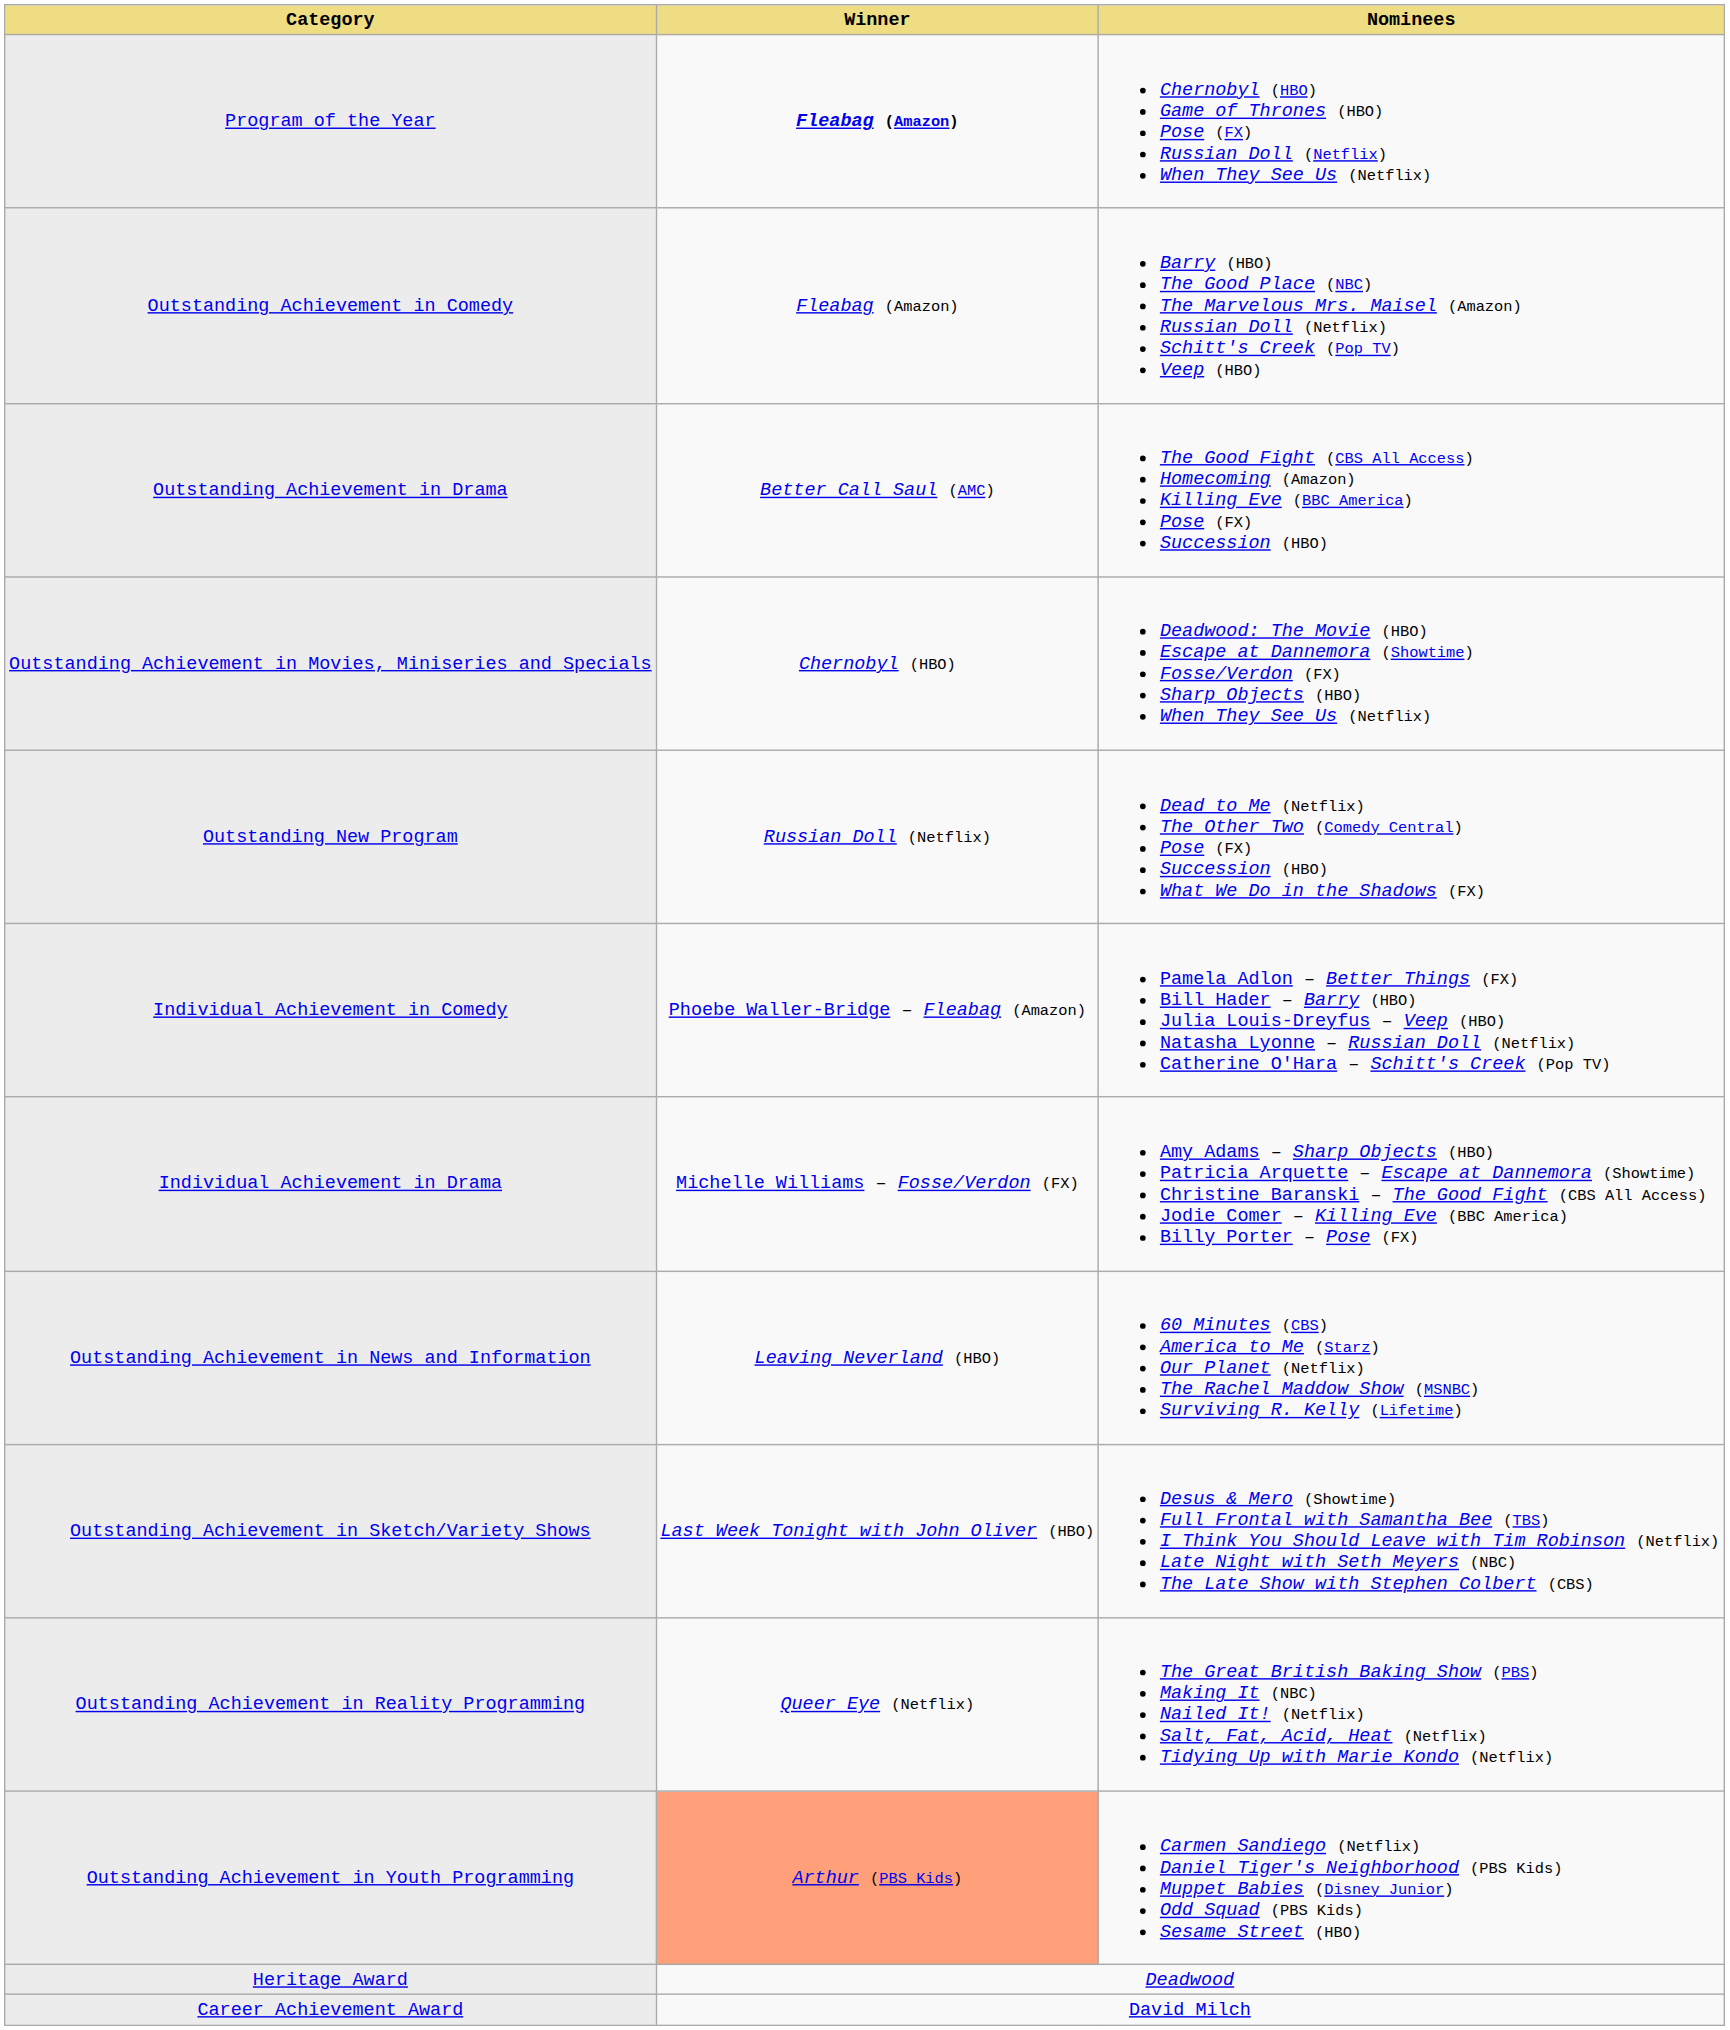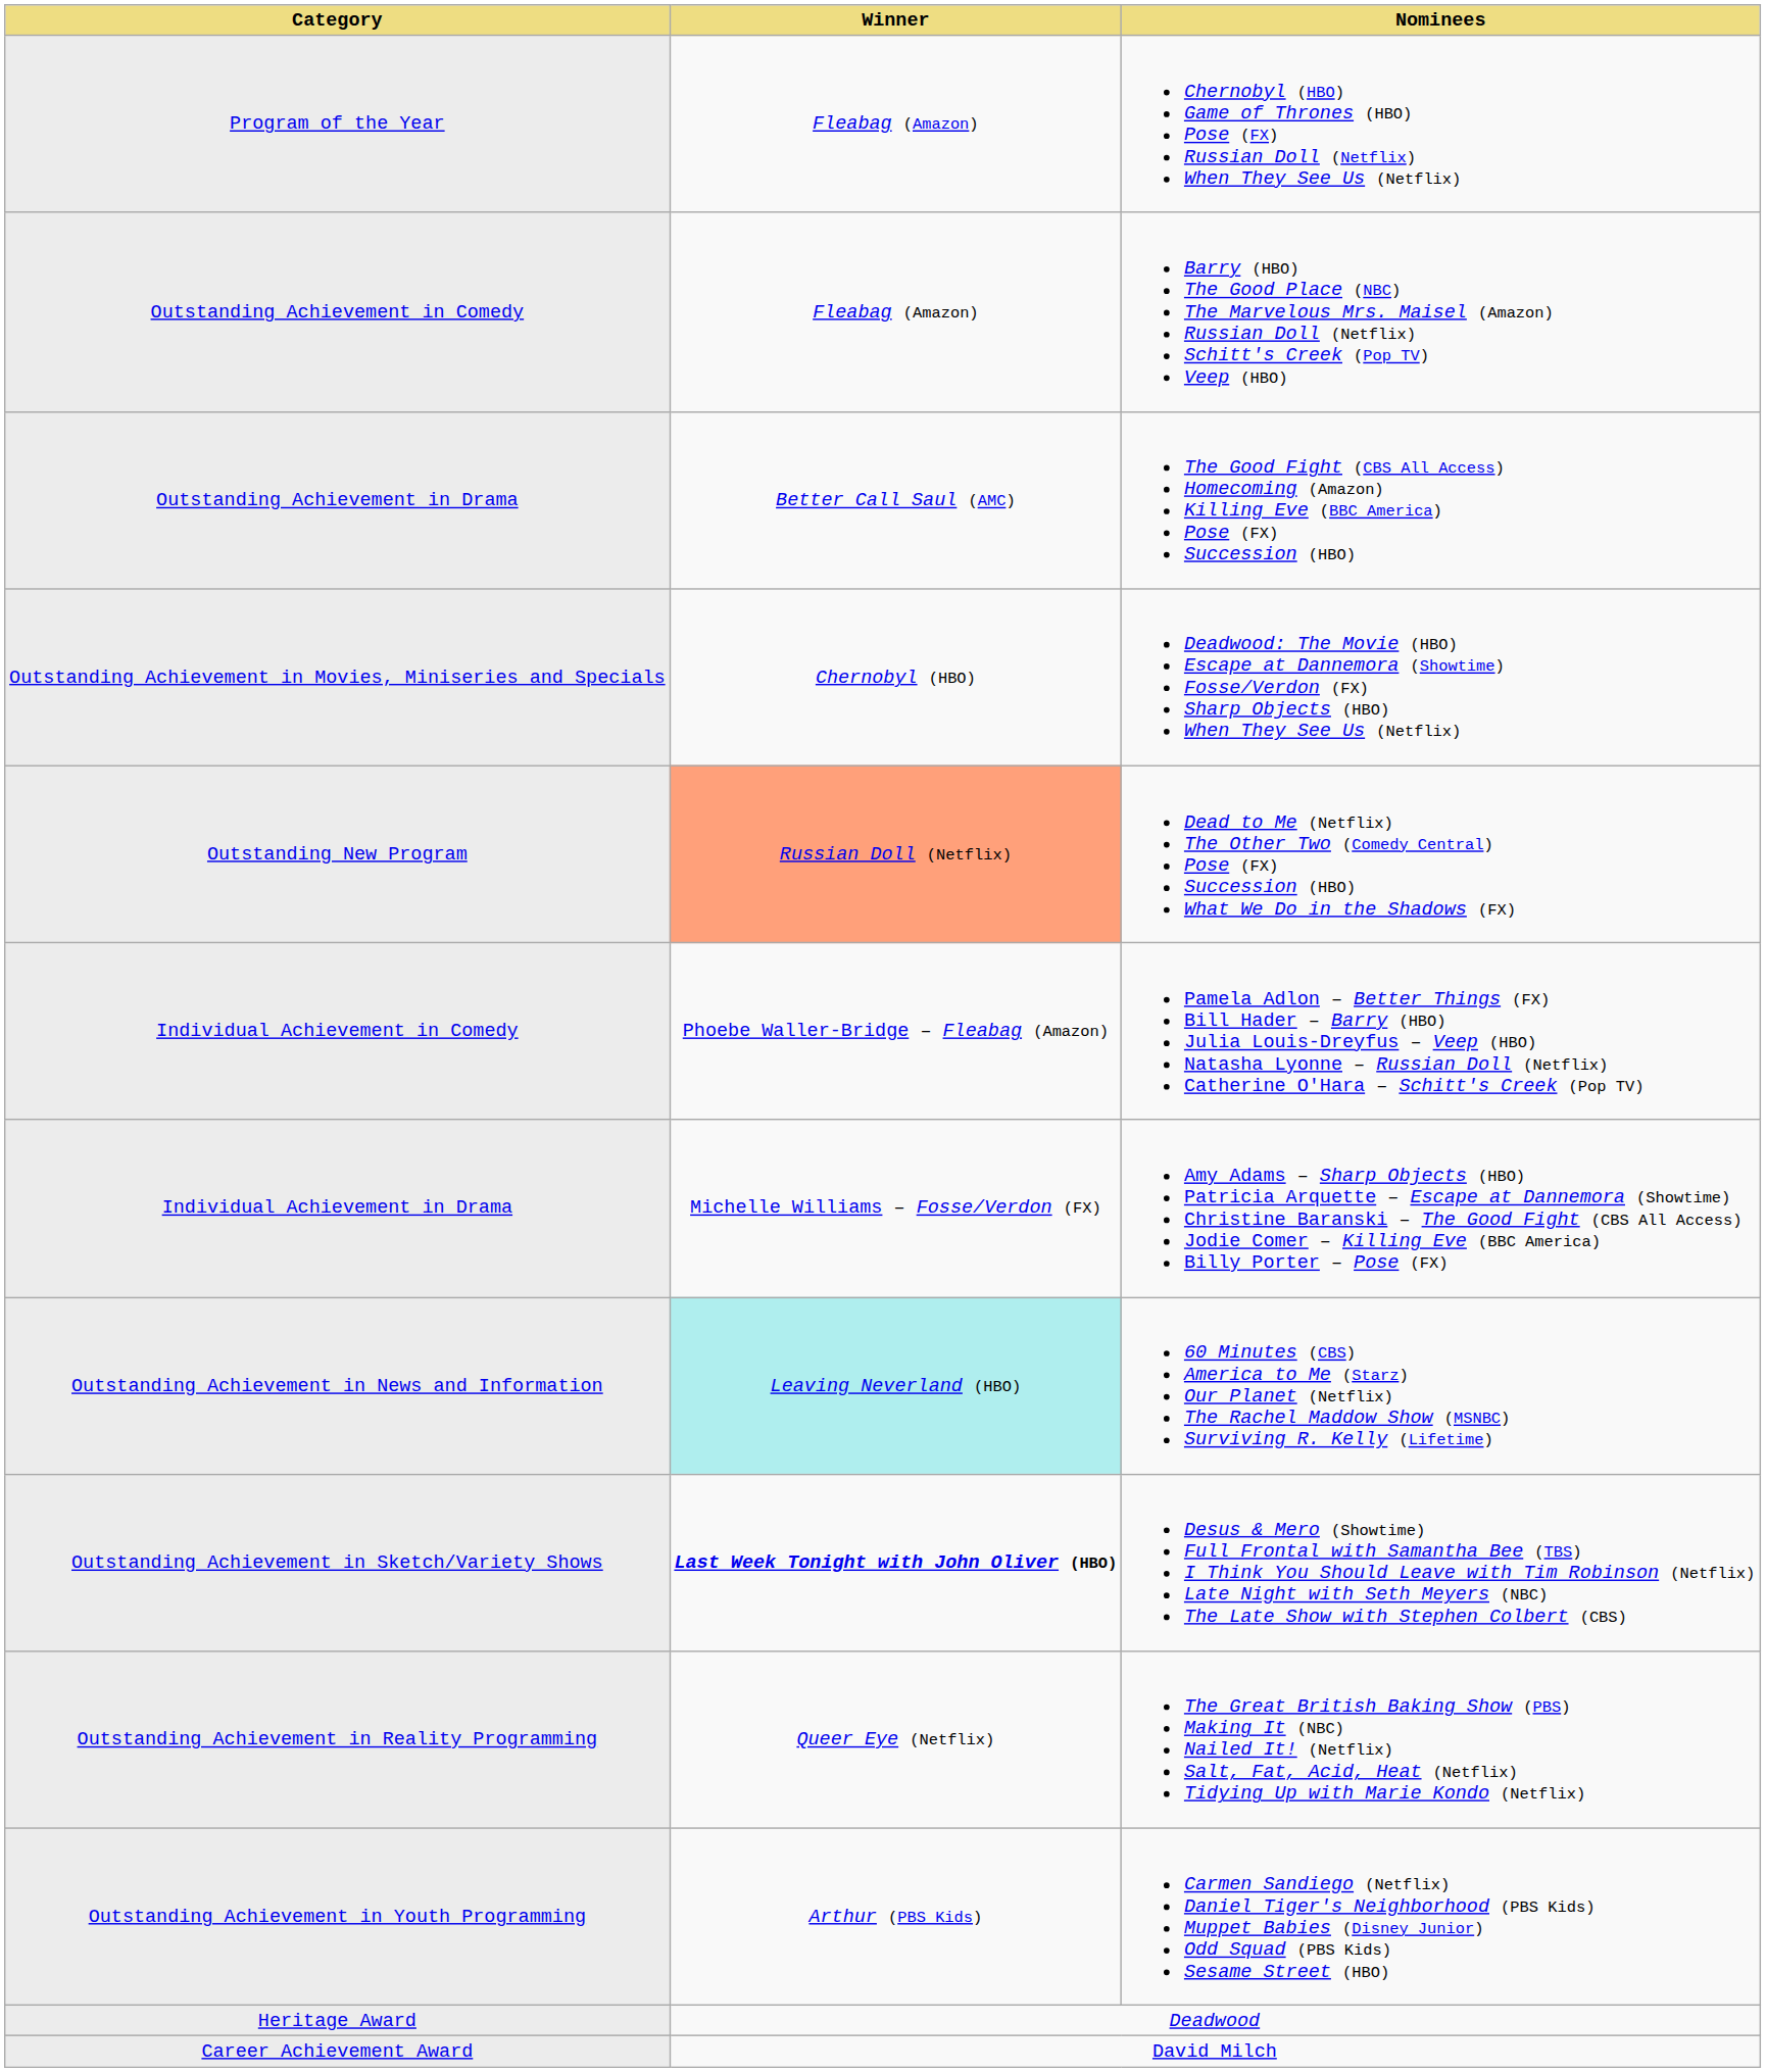 <table class="wikitable">
 <tr>
 <th style="background:#EEDD82;">Category</th>
 <th style="background:#EEDD82;">Winner</th>
 <th style="background:#EEDD82;">Nominees</th>
 </tr>
 <tr>
 <td style="background: #ececec; color: grey; vertical-align: middle; text-align: center;" class="table-na"><a href='#'>Program of the Year</a></td>
-<td style="text-align: center;"><strong><em><a href='#'>Fleabag</a></em> <small>(<a href='#'>Amazon</a>)</small></strong></td>
+<td style="text-align: center;"><em><a href='#'>Fleabag</a></em> <small>(<a href='#'>Amazon</a>)</small></td>
 <td><br><ul><li><em><a href='#'>Chernobyl</a></em> <small>(<a href='#'>HBO</a>)</small></li><li><em><a href='#'>Game of Thrones</a></em> <small>(HBO)</small></li><li><em><a href='#'>Pose</a></em> <small>(<a href='#'>FX</a>)</small></li><li><em><a href='#'>Russian Doll</a></em> <small>(<a href='#'>Netflix</a>)</small></li><li><em><a href='#'>When They See Us</a></em> <small>(Netflix)</small></li></ul></td>
 </tr>
 <tr>
 <td style="background: #ececec; color: grey; vertical-align: middle; text-align: center;" class="table-na"><a href='#'>Outstanding Achievement in Comedy</a></td>
 <td style="text-align: center;"><em><a href='#'>Fleabag</a></em> <small>(Amazon)</small></td>
 <td><br><ul><li><em><a href='#'>Barry</a></em> <small>(HBO)</small></li><li><em><a href='#'>The Good Place</a></em> <small>(<a href='#'>NBC</a>)</small></li><li><em><a href='#'>The Marvelous Mrs. Maisel</a></em> <small>(Amazon)</small></li><li><em><a href='#'>Russian Doll</a></em> <small>(Netflix)</small></li><li><em><a href='#'>Schitt's Creek</a></em> <small>(<a href='#'>Pop TV</a>)</small></li><li><em><a href='#'>Veep</a></em> <small>(HBO)</small></li></ul></td>
 </tr>
 <tr>
 <td style="background: #ececec; color: grey; vertical-align: middle; text-align: center;" class="table-na"><a href='#'>Outstanding Achievement in Drama</a></td>
 <td style="text-align: center;"><em><a href='#'>Better Call Saul</a></em> <small>(<a href='#'>AMC</a>)</small></td>
 <td><br><ul><li><em><a href='#'>The Good Fight</a></em> <small>(<a href='#'>CBS All Access</a>)</small></li><li><em><a href='#'>Homecoming</a></em> <small>(Amazon)</small></li><li><em><a href='#'>Killing Eve</a></em> <small>(<a href='#'>BBC America</a>)</small></li><li><em><a href='#'>Pose</a></em> <small>(FX)</small></li><li><em><a href='#'>Succession</a></em> <small>(HBO)</small></li></ul></td>
 </tr>
 <tr>
 <td style="background: #ececec; color: grey; vertical-align: middle; text-align: center;" class="table-na"><a href='#'>Outstanding Achievement in Movies, Miniseries and Specials</a></td>
 <td style="text-align: center;"><em><a href='#'>Chernobyl</a></em> <small>(HBO)</small></td>
 <td><br><ul><li><em><a href='#'>Deadwood: The Movie</a></em> <small>(HBO)</small></li><li><em><a href='#'>Escape at Dannemora</a></em> <small>(<a href='#'>Showtime</a>)</small></li><li><em><a href='#'>Fosse/Verdon</a></em> <small>(FX)</small></li><li><em><a href='#'>Sharp Objects</a></em> <small>(HBO)</small></li><li><em><a href='#'>When They See Us</a></em> <small>(Netflix)</small></li></ul></td>
 </tr>
 <tr>
 <td style="background: #ececec; color: grey; vertical-align: middle; text-align: center;" class="table-na"><a href='#'>Outstanding New Program</a></td>
-<td style="text-align: center;"><em><a href='#'>Russian Doll</a></em> <small>(Netflix)</small></td>
+<td style="background: lightsalmon; text-align: center;"><em><a href='#'>Russian Doll</a></em> <small>(Netflix)</small></td>
 <td><br><ul><li><em><a href='#'>Dead to Me</a></em> <small>(Netflix)</small></li><li><em><a href='#'>The Other Two</a></em> <small>(<a href='#'>Comedy Central</a>)</small></li><li><em><a href='#'>Pose</a></em> <small>(FX)</small></li><li><em><a href='#'>Succession</a></em> <small>(HBO)</small></li><li><em><a href='#'>What We Do in the Shadows</a></em> <small>(FX)</small></li></ul></td>
 </tr>
 <tr>
 <td style="background: #ececec; color: grey; vertical-align: middle; text-align: center;" class="table-na"><a href='#'>Individual Achievement in Comedy</a></td>
 <td style="text-align: center;"><a href='#'>Phoebe Waller-Bridge</a> – <em><a href='#'>Fleabag</a></em> <small>(Amazon)</small></td>
 <td><br><ul><li><a href='#'>Pamela Adlon</a> – <em><a href='#'>Better Things</a></em> <small>(FX)</small></li><li><a href='#'>Bill Hader</a> – <em><a href='#'>Barry</a></em> <small>(HBO)</small></li><li><a href='#'>Julia Louis-Dreyfus</a> – <em><a href='#'>Veep</a></em> <small>(HBO)</small></li><li><a href='#'>Natasha Lyonne</a> – <em><a href='#'>Russian Doll</a></em> <small>(Netflix)</small></li><li><a href='#'>Catherine O'Hara</a> – <em><a href='#'>Schitt's Creek</a></em> <small>(Pop TV)</small></li></ul></td>
 </tr>
 <tr>
 <td style="background: #ececec; color: grey; vertical-align: middle; text-align: center;" class="table-na"><a href='#'>Individual Achievement in Drama</a></td>
 <td style="text-align: center;"><a href='#'>Michelle Williams</a> – <em><a href='#'>Fosse/Verdon</a></em> <small>(FX)</small></td>
 <td><br><ul><li><a href='#'>Amy Adams</a> – <em><a href='#'>Sharp Objects</a></em> <small>(HBO)</small></li><li><a href='#'>Patricia Arquette</a> – <em><a href='#'>Escape at Dannemora</a></em> <small>(Showtime)</small></li><li><a href='#'>Christine Baranski</a> – <em><a href='#'>The Good Fight</a></em> <small>(CBS All Access)</small></li><li><a href='#'>Jodie Comer</a> – <em><a href='#'>Killing Eve</a></em> <small>(BBC America)</small></li><li><a href='#'>Billy Porter</a> – <em><a href='#'>Pose</a></em> <small>(FX)</small></li></ul></td>
 </tr>
 <tr>
 <td style="background: #ececec; color: grey; vertical-align: middle; text-align: center;" class="table-na"><a href='#'>Outstanding Achievement in News and Information</a></td>
-<td style="text-align: center;"><em><a href='#'>Leaving Neverland</a></em> <small>(HBO)</small></td>
+<td style="background: paleturquoise; text-align: center;"><em><a href='#'>Leaving Neverland</a></em> <small>(HBO)</small></td>
 <td><br><ul><li><em><a href='#'>60 Minutes</a></em> <small>(<a href='#'>CBS</a>)</small></li><li><em><a href='#'>America to Me</a></em> <small>(<a href='#'>Starz</a>)</small></li><li><em><a href='#'>Our Planet</a></em> <small>(Netflix)</small></li><li><em><a href='#'>The Rachel Maddow Show</a></em> <small>(<a href='#'>MSNBC</a>)</small></li><li><em><a href='#'>Surviving R. Kelly</a></em> <small>(<a href='#'>Lifetime</a>)</small></li></ul></td>
 </tr>
 <tr>
 <td style="background: #ececec; color: grey; vertical-align: middle; text-align: center;" class="table-na"><a href='#'>Outstanding Achievement in Sketch/Variety Shows</a></td>
-<td style="text-align: center;"><em><a href='#'>Last Week Tonight with John Oliver</a></em> <small>(HBO)</small></td>
+<td style="text-align: center;"><strong><em><a href='#'>Last Week Tonight with John Oliver</a></em> <small>(HBO)</small></strong></td>
 <td><br><ul><li><em><a href='#'>Desus & Mero</a></em> <small>(Showtime)</small></li><li><em><a href='#'>Full Frontal with Samantha Bee</a></em> <small>(<a href='#'>TBS</a>)</small></li><li><em><a href='#'>I Think You Should Leave with Tim Robinson</a></em> <small>(Netflix)</small></li><li><em><a href='#'>Late Night with Seth Meyers</a></em> <small>(NBC)</small></li><li><em><a href='#'>The Late Show with Stephen Colbert</a></em> <small>(CBS)</small></li></ul></td>
 </tr>
 <tr>
 <td style="background: #ececec; color: grey; vertical-align: middle; text-align: center;" class="table-na"><a href='#'>Outstanding Achievement in Reality Programming</a></td>
 <td style="text-align: center;"><em><a href='#'>Queer Eye</a></em> <small>(Netflix)</small></td>
 <td><br><ul><li><em><a href='#'>The Great British Baking Show</a></em> <small>(<a href='#'>PBS</a>)</small></li><li><em><a href='#'>Making It</a></em> <small>(NBC)</small></li><li><em><a href='#'>Nailed It!</a></em> <small>(Netflix)</small></li><li><em><a href='#'>Salt, Fat, Acid, Heat</a></em> <small>(Netflix)</small></li><li><em><a href='#'>Tidying Up with Marie Kondo</a></em> <small>(Netflix)</small></li></ul></td>
 </tr>
 <tr>
 <td style="background: #ececec; color: grey; vertical-align: middle; text-align: center;" class="table-na"><a href='#'>Outstanding Achievement in Youth Programming</a></td>
-<td style="background: lightsalmon; text-align: center;"><em><a href='#'>Arthur</a></em> <small>(<a href='#'>PBS Kids</a>)</small></td>
+<td style="text-align: center;"><em><a href='#'>Arthur</a></em> <small>(<a href='#'>PBS Kids</a>)</small></td>
 <td><br><ul><li><em><a href='#'>Carmen Sandiego</a></em> <small>(Netflix)</small></li><li><em><a href='#'>Daniel Tiger's Neighborhood</a></em> <small>(PBS Kids)</small></li><li><em><a href='#'>Muppet Babies</a></em> <small>(<a href='#'>Disney Junior</a>)</small></li><li><em><a href='#'>Odd Squad</a></em> <small>(PBS Kids)</small></li><li><em><a href='#'>Sesame Street</a></em> <small>(HBO)</small></li></ul></td>
 </tr>
 <tr>
 <td style="background: #ececec; color: grey; vertical-align: middle; text-align: center;" class="table-na"><a href='#'>Heritage Award</a></td>
 <td style="text-align: center;" colspan="2"><em><a href='#'>Deadwood</a></em></td>
 </tr>
 <tr>
 <td style="background: #ececec; color: grey; vertical-align: middle; text-align: center;" class="table-na"><a href='#'>Career Achievement Award</a></td>
 <td style="text-align: center;" colspan="2"><a href='#'>David Milch</a></td>
 </tr>
 </table>
